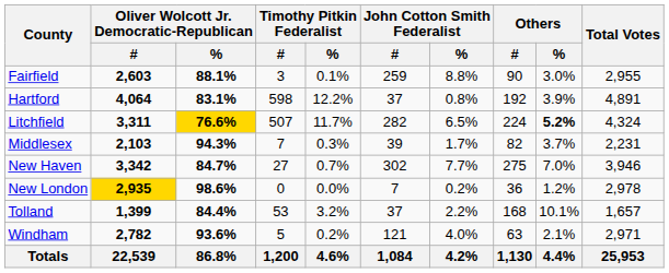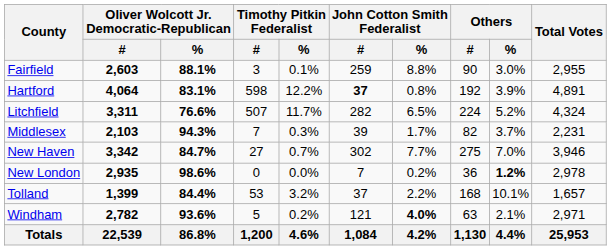 <table class="wikitable sortable">
 <tr>
 <th rowspan="2" scope="col">County</th>
 <th colspan="2" scope="col">Oliver Wolcott Jr.<br>Democratic-Republican</th>
 <th colspan="2" scope="col">Timothy Pitkin<br>Federalist</th>
 <th colspan="2" scope="col">John Cotton Smith<br>Federalist</th>
 <th colspan="2" scope="col">Others</th>
 <th rowspan="2" scope="col">Total Votes</th>
 </tr>
 <tr>
 <th>#</th>
 <th>%</th>
 <th>#</th>
 <th>%</th>
 <th>#</th>
 <th>%</th>
 <th>#</th>
 <th>%</th>
 </tr>
 <tr>
 <td><a href='#'>Fairfield</a></td>
 <td align="center"><strong>2,603</strong></td>
 <td align="center"><strong>88.1%</strong></td>
 <td align="center">3</td>
 <td align="center">0.1%</td>
 <td align="center">259</td>
 <td align="center">8.8%</td>
 <td align="center">90</td>
 <td align="center">3.0%</td>
 <td align="center">2,955</td>
 </tr>
 <tr>
 <td><a href='#'>Hartford</a></td>
 <td align="center"><strong>4,064</strong></td>
 <td align="center"><strong>83.1%</strong></td>
 <td align="center">598</td>
 <td align="center">12.2%</td>
-<td align="center">37</td>
+<td align="center"><strong>37</strong></td>
 <td align="center">0.8%</td>
 <td align="center">192</td>
 <td align="center">3.9%</td>
 <td align="center">4,891</td>
 </tr>
 <tr>
 <td><a href='#'>Litchfield</a></td>
 <td align="center"><strong>3,311</strong></td>
-<td align="center" style="background: gold;"><strong>76.6%</strong></td>
+<td align="center"><strong>76.6%</strong></td>
 <td align="center">507</td>
 <td align="center">11.7%</td>
 <td align="center">282</td>
 <td align="center">6.5%</td>
 <td align="center">224</td>
-<td align="center"><strong>5.2%</strong></td>
+<td align="center">5.2%</td>
 <td align="center">4,324</td>
 </tr>
 <tr>
 <td><a href='#'>Middlesex</a></td>
 <td align="center"><strong>2,103</strong></td>
 <td align="center"><strong>94.3%</strong></td>
 <td align="center">7</td>
 <td align="center">0.3%</td>
 <td align="center">39</td>
 <td align="center">1.7%</td>
 <td align="center">82</td>
 <td align="center">3.7%</td>
 <td align="center">2,231</td>
 </tr>
 <tr>
 <td><a href='#'>New Haven</a></td>
 <td align="center"><strong>3,342</strong></td>
 <td align="center"><strong>84.7%</strong></td>
 <td align="center">27</td>
 <td align="center">0.7%</td>
 <td align="center">302</td>
 <td align="center">7.7%</td>
 <td align="center">275</td>
 <td align="center">7.0%</td>
 <td align="center">3,946</td>
 </tr>
 <tr>
 <td><a href='#'>New London</a></td>
-<td align="center" style="background: gold;"><strong>2,935</strong></td>
+<td align="center"><strong>2,935</strong></td>
 <td align="center"><strong>98.6%</strong></td>
 <td align="center">0</td>
 <td align="center">0.0%</td>
 <td align="center">7</td>
 <td align="center">0.2%</td>
 <td align="center">36</td>
-<td align="center">1.2%</td>
+<td align="center"><strong>1.2%</strong></td>
 <td align="center">2,978</td>
 </tr>
 <tr>
 <td><a href='#'>Tolland</a></td>
 <td align="center"><strong>1,399</strong></td>
 <td align="center"><strong>84.4%</strong></td>
 <td align="center">53</td>
 <td align="center">3.2%</td>
 <td align="center">37</td>
 <td align="center">2.2%</td>
 <td align="center">168</td>
 <td align="center">10.1%</td>
 <td align="center">1,657</td>
 </tr>
 <tr>
 <td><a href='#'>Windham</a></td>
 <td align="center"><strong>2,782</strong></td>
 <td align="center"><strong>93.6%</strong></td>
 <td align="center">5</td>
 <td align="center">0.2%</td>
 <td align="center">121</td>
-<td align="center">4.0%</td>
+<td align="center"><strong>4.0%</strong></td>
 <td align="center">63</td>
 <td align="center">2.1%</td>
 <td align="center">2,971</td>
 </tr>
 <tr>
 <th>Totals</th>
 <th>22,539</th>
 <th>86.8%</th>
 <th>1,200</th>
 <th>4.6%</th>
 <th>1,084</th>
 <th>4.2%</th>
 <th>1,130</th>
 <th>4.4%</th>
 <th>25,953</th>
 </tr>
 </table>
